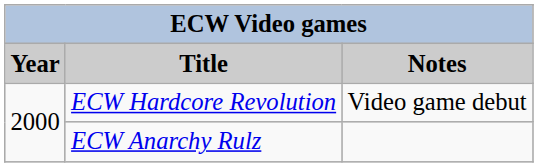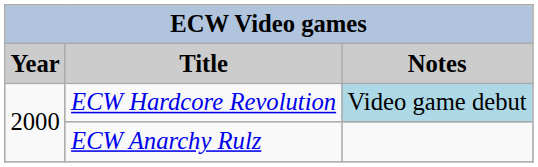 <table class="wikitable sortable">
 <tr style="text-align:center;">
 <th colspan=4 style="background:#B0C4DE;">ECW Video games</th>
 </tr>
 <tr style="text-align:center;">
 <th style="background:#ccc;">Year</th>
 <th style="background:#ccc;">Title</th>
 <th style="background:#ccc;">Notes</th>
 </tr>
 <tr>
 <td rowspan="2">2000</td>
 <td><em><a href='#'>ECW Hardcore Revolution</a></em></td>
-<td>Video game debut</td>
+<td style="background: lightblue;">Video game debut</td>
 </tr>
 <tr>
 <td><em><a href='#'>ECW Anarchy Rulz</a></em></td>
 <td></td>
 </tr>
 </table>
